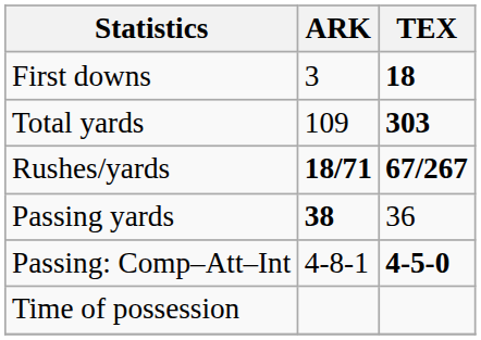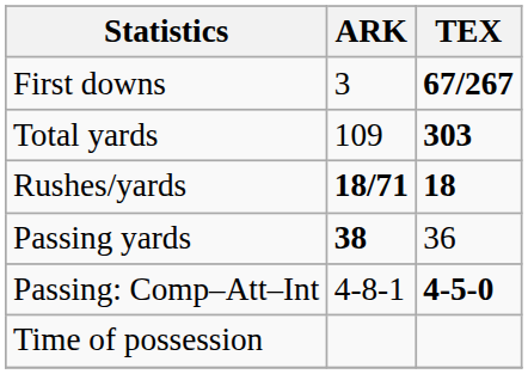 <table class="wikitable" style="float: left;">
 <tr>
 <th>Statistics</th>
 <th>ARK</th>
 <th>TEX</th>
 </tr>
 <tr>
 <td>First downs</td>
 <td>3</td>
-<td><strong>18</strong></td>
+<td><strong>67/267</strong></td>
 </tr>
 <tr>
 <td>Total yards</td>
 <td>109</td>
 <td><strong>303</strong></td>
 </tr>
 <tr>
 <td>Rushes/yards</td>
 <td><strong>18/71</strong></td>
-<td><strong>67/267</strong></td>
+<td><strong>18</strong></td>
 </tr>
 <tr>
 <td>Passing yards</td>
 <td><strong>38</strong></td>
 <td>36</td>
 </tr>
 <tr>
 <td>Passing: Comp–Att–Int</td>
 <td>4-8-1</td>
 <td><strong>4-5-0</strong></td>
 </tr>
 <tr>
 <td>Time of possession</td>
 <td></td>
 <td></td>
 </tr>
 <tr>
 </tr>
 </table>
